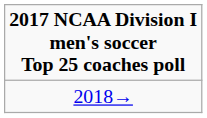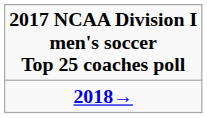 <table class="wikitable" style="text-align: center;">
 <tr>
 <td><strong>2017 NCAA Division I<br>men's soccer<br>Top 25 coaches poll</strong></td>
 </tr>
 <tr>
-<td><a href='#'>2018→</a></td>
+<td><strong><a href='#'>2018→</a></strong></td>
 </tr>
 </table>
